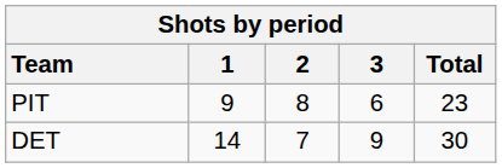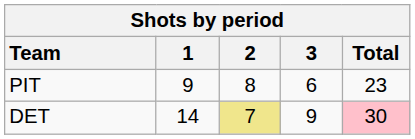 <table class="wikitable" style="width:20em">
 <tr>
 <th colspan="6">Shots by period</th>
 </tr>
 <tr>
 <th style="width:8em; text-align:left;">Team</th>
 <th style="width:3em;">1</th>
 <th style="width:3em;">2</th>
 <th style="width:3em;">3</th>
 <th style="width:3em;">Total</th>
 </tr>
 <tr style="text-align:center;">
 <td align="left">PIT</td>
 <td>9</td>
 <td>8</td>
 <td>6</td>
 <td>23</td>
 </tr>
 <tr style="text-align:center;">
 <td align="left">DET</td>
 <td>14</td>
-<td>7</td>
+<td style="background: khaki;">7</td>
 <td>9</td>
-<td>30</td>
+<td style="background: pink;">30</td>
 </tr>
 </table>
